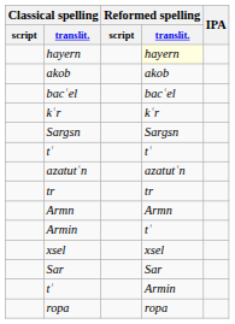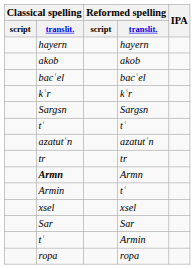 <table class="wikitable">
 <tr>
 <th colspan=2>Classical spelling</th>
 <th colspan=2>Reformed spelling</th>
 <th rowspan=2>IPA</th>
 </tr>
 <tr>
 <th><small>script</small></th>
 <th><small><a href='#'>translit.</a></small></th>
 <th><small>script</small></th>
 <th><small><a href='#'>translit.</a></small></th>
 </tr>
 <tr>
 <td></td>
 <td><em>hayern</em></td>
 <td></td>
-<td style="background: lightyellow;"><em>hayern</em></td>
+<td><em>hayern</em></td>
 <td></td>
 </tr>
 <tr>
 <td></td>
 <td><em>akob</em></td>
 <td></td>
 <td><em>akob</em></td>
 <td></td>
 </tr>
 <tr>
 <td></td>
 <td><em>bacʿel</em></td>
 <td></td>
 <td><em>bacʿel</em></td>
 <td></td>
 </tr>
 <tr>
 <td></td>
 <td><em>kʿr</em></td>
 <td></td>
 <td><em>kʿr</em></td>
 <td></td>
 </tr>
 <tr>
 <td></td>
 <td><em>Sargsn</em></td>
 <td></td>
 <td><em>Sargsn</em></td>
 <td></td>
 </tr>
 <tr>
 <td></td>
 <td><em>tʿ</em></td>
 <td></td>
 <td><em>tʿ</em></td>
 <td></td>
 </tr>
 <tr>
 <td></td>
 <td><em>azatutʿn</em></td>
 <td></td>
 <td><em>azatutʿn</em></td>
 <td></td>
 </tr>
 <tr>
 <td></td>
 <td><em>tr</em></td>
 <td></td>
 <td><em>tr</em></td>
 <td></td>
 </tr>
 <tr>
 <td></td>
-<td><em>Armn</em></td>
+<td><strong><em>Armn</em></strong></td>
 <td></td>
 <td><em>Armn</em></td>
 <td></td>
 </tr>
 <tr>
 <td></td>
 <td><em>Armin</em></td>
 <td></td>
 <td><em>tʿ</em></td>
 <td></td>
 </tr>
 <tr>
 <td></td>
 <td><em>xsel</em></td>
 <td></td>
 <td><em>xsel</em></td>
 <td></td>
 </tr>
 <tr>
 <td></td>
 <td><em>Sar</em></td>
 <td></td>
 <td><em>Sar</em></td>
 <td></td>
 </tr>
 <tr>
 <td></td>
 <td><em>tʿ</em></td>
 <td></td>
 <td><em>Armin</em></td>
 <td></td>
 </tr>
 <tr>
 <td></td>
 <td><em>ropa</em></td>
 <td></td>
 <td><em>ropa</em></td>
 <td></td>
 </tr>
 </table>
